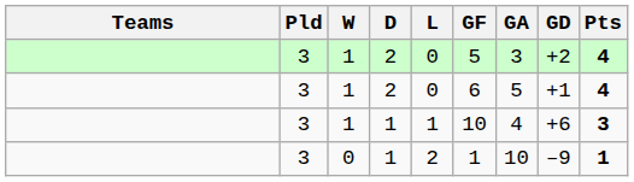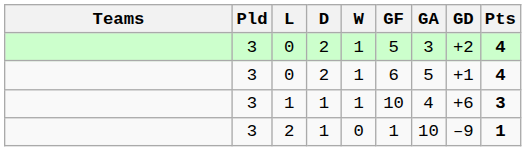 <table class="wikitable" style="text-align: center;">
 <tr>
 <th width=165>Teams</th>
 <th width=20>Pld</th>
+<th width=20>L</th>
+<th width=20>D</th>
 <th width=20>W</th>
-<th width=20>D</th>
-<th width=20>L</th>
 <th width=20>GF</th>
 <th width=20>GA</th>
 <th width=20>GD</th>
 <th width=20>Pts</th>
 </tr>
 <tr align=center style="background:#ccffcc;">
 <td style="text-align:left;"></td>
 <td>3</td>
+<td>0</td>
+<td>2</td>
 <td>1</td>
-<td>2</td>
-<td>0</td>
 <td>5</td>
 <td>3</td>
 <td>+2</td>
 <td><strong>4</strong></td>
 </tr>
 <tr align=center>
 <td style="text-align:left;"></td>
 <td>3</td>
+<td>0</td>
+<td>2</td>
 <td>1</td>
-<td>2</td>
-<td>0</td>
 <td>6</td>
 <td>5</td>
 <td>+1</td>
 <td><strong>4</strong></td>
 </tr>
 <tr align=center>
 <td style="text-align:left;"></td>
 <td>3</td>
 <td>1</td>
 <td>1</td>
 <td>1</td>
 <td>10</td>
 <td>4</td>
 <td>+6</td>
 <td><strong>3</strong></td>
 </tr>
 <tr align=center>
 <td style="text-align:left;"></td>
 <td>3</td>
+<td>2</td>
+<td>1</td>
 <td>0</td>
-<td>1</td>
-<td>2</td>
 <td>1</td>
 <td>10</td>
 <td>–9</td>
 <td><strong>1</strong></td>
 </tr>
 </table>
